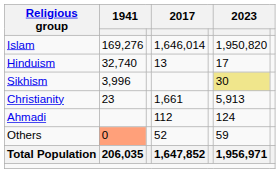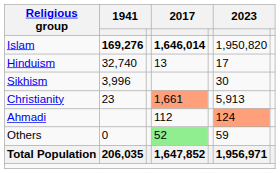 <table class="wikitable sortable">
 <tr>
 <th rowspan="2"><a href='#'>Religious</a><br>group</th>
 <th colspan="2">1941</th>
 <th colspan="2">2017</th>
 <th colspan="2">2023</th>
 </tr>
 <tr>
 <th><a href='#'></a></th>
 <th></th>
 <th></th>
 <th></th>
 <th></th>
 <th></th>
 </tr>
 <tr>
 <td><a href='#'>Islam</a> </td>
-<td>169,276</td>
+<td><strong>169,276</strong></td>
 <td></td>
-<td>1,646,014</td>
+<td><strong>1,646,014</strong></td>
 <td></td>
 <td>1,950,820</td>
 <td></td>
 </tr>
 <tr>
 <td><a href='#'>Hinduism</a> </td>
 <td>32,740</td>
 <td></td>
 <td>13</td>
 <td></td>
 <td>17</td>
 <td></td>
 </tr>
 <tr>
 <td><a href='#'>Sikhism</a> </td>
 <td>3,996</td>
 <td></td>
 <td></td>
 <td></td>
-<td style="background: khaki;">30</td>
+<td>30</td>
 <td></td>
 </tr>
 <tr>
 <td><a href='#'>Christianity</a> </td>
 <td>23</td>
 <td></td>
-<td>1,661</td>
+<td style="background: lightsalmon;">1,661</td>
 <td></td>
 <td>5,913</td>
 <td></td>
 </tr>
 <tr>
 <td><a href='#'>Ahmadi</a></td>
 <td></td>
 <td></td>
 <td>112</td>
 <td></td>
-<td>124</td>
+<td style="background: lightsalmon;">124</td>
 <td></td>
 </tr>
 <tr>
 <td>Others </td>
-<td style="background: lightsalmon;">0</td>
+<td>0</td>
 <td></td>
-<td>52</td>
+<td style="background: lightgreen;">52</td>
 <td></td>
 <td>59</td>
 <td></td>
 </tr>
 <tr>
 <th>Total Population</th>
 <th>206,035</th>
 <th></th>
 <th>1,647,852</th>
 <th></th>
 <th>1,956,971</th>
 <th></th>
 </tr>
 <tr class="sortbottom">
 <td colspan="7"></td>
 </tr>
 </table>
